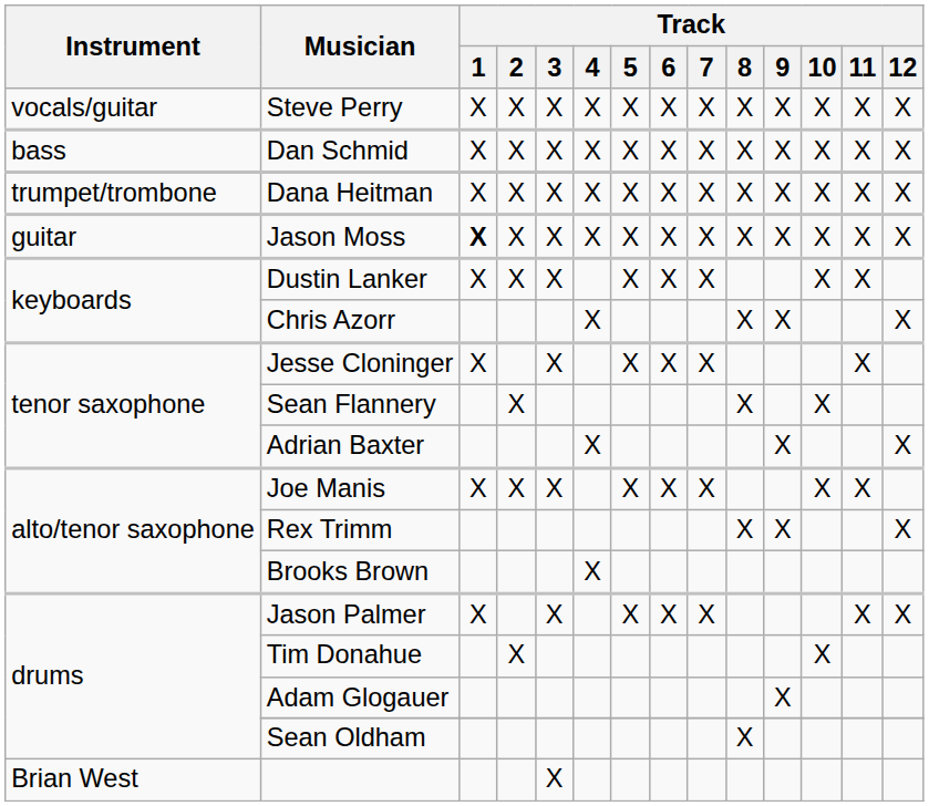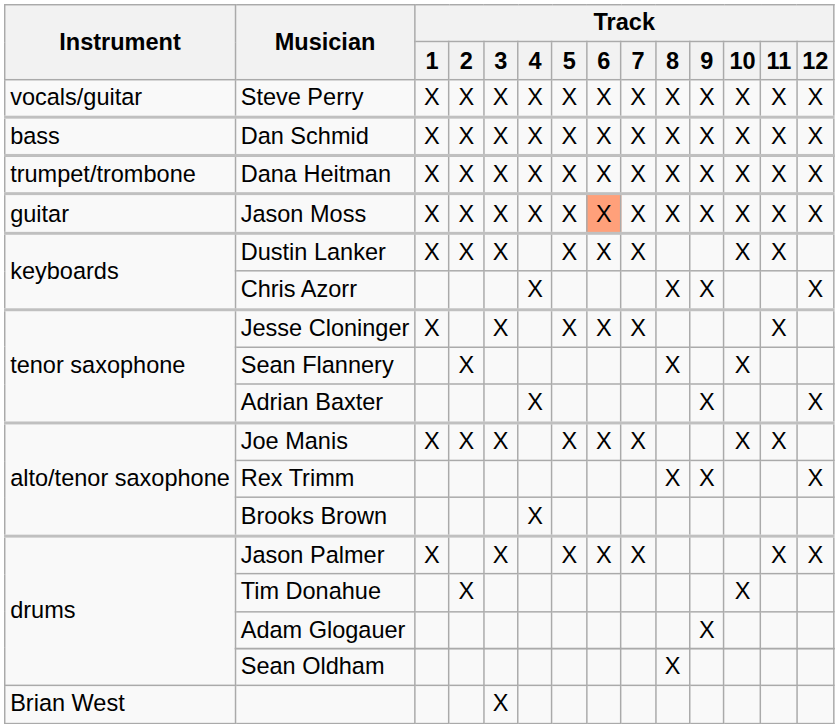 <table class=wikitable>
 <tr>
 <th rowspan=2>Instrument</th>
 <th rowspan=2>Musician</th>
 <th colspan=15>Track</th>
 </tr>
 <tr>
 <th width=16px>1</th>
 <th width=16px>2</th>
 <th width=16px>3</th>
 <th width=16px>4</th>
 <th width=16px>5</th>
 <th width=16px>6</th>
 <th width=16px>7</th>
 <th width=16px>8</th>
 <th width=16px>9</th>
 <th width=16px>10</th>
 <th width=16px>11</th>
 <th width=16px>12</th>
 </tr>
 <tr>
 <td>vocals/guitar</td>
 <td>Steve Perry</td>
 <td align=center>X</td>
 <td align=center>X</td>
 <td align=center>X</td>
 <td align=center>X</td>
 <td align=center>X</td>
 <td align=center>X</td>
 <td align=center>X</td>
 <td align=center>X</td>
 <td align=center>X</td>
 <td align=center>X</td>
 <td align=center>X</td>
 <td align=center>X</td>
 </tr>
 <tr style="border-top:solid 2px silver;">
 <td rowspan=1>bass</td>
 <td>Dan Schmid</td>
 <td align=center>X</td>
 <td align=center>X</td>
 <td align=center>X</td>
 <td align=center>X</td>
 <td align=center>X</td>
 <td align=center>X</td>
 <td align=center>X</td>
 <td align=center>X</td>
 <td align=center>X</td>
 <td align=center>X</td>
 <td align=center>X</td>
 <td align=center>X</td>
 </tr>
 <tr>
 </tr>
 <tr style="border-top:solid 2px silver;">
 <td>trumpet/trombone</td>
 <td>Dana Heitman</td>
 <td align=center>X</td>
 <td align=center>X</td>
 <td align=center>X</td>
 <td align=center>X</td>
 <td align=center>X</td>
 <td align=center>X</td>
 <td align=center>X</td>
 <td align=center>X</td>
 <td align=center>X</td>
 <td align=center>X</td>
 <td align=center>X</td>
 <td align=center>X</td>
 </tr>
 <tr style="border-top:solid 2px silver;">
 <td rowspan=1>guitar</td>
 <td>Jason Moss</td>
-<td align=center><strong>X</strong></td>
 <td align=center>X</td>
 <td align=center>X</td>
 <td align=center>X</td>
 <td align=center>X</td>
 <td align=center>X</td>
+<td align=center style="background: lightsalmon;">X</td>
 <td align=center>X</td>
 <td align=center>X</td>
 <td align=center>X</td>
 <td align=center>X</td>
 <td align=center>X</td>
 <td align=center>X</td>
 </tr>
 <tr style="border-top:solid 2px silver;">
 <td rowspan=2>keyboards</td>
 <td>Dustin Lanker</td>
 <td align=center>X</td>
 <td align=center>X</td>
 <td align=center>X</td>
 <td></td>
 <td align=center>X</td>
 <td align=center>X</td>
 <td align=center>X</td>
 <td></td>
 <td></td>
 <td align=center>X</td>
 <td align=center>X</td>
 <td></td>
 </tr>
 <tr>
 <td>Chris Azorr</td>
 <td></td>
 <td></td>
 <td></td>
 <td align=center>X</td>
 <td></td>
 <td></td>
 <td></td>
 <td align=center>X</td>
 <td align=center>X</td>
 <td></td>
 <td></td>
 <td align=center>X</td>
 </tr>
 <tr style="border-top:solid 2px silver;">
 <td rowspan=3>tenor saxophone</td>
 <td>Jesse Cloninger</td>
 <td align=center>X</td>
 <td></td>
 <td align=center>X</td>
 <td></td>
 <td align=center>X</td>
 <td align=center>X</td>
 <td align=center>X</td>
 <td></td>
 <td></td>
 <td></td>
 <td align=center>X</td>
 <td></td>
 </tr>
 <tr>
 <td>Sean Flannery</td>
 <td></td>
 <td align=center>X</td>
 <td></td>
 <td></td>
 <td></td>
 <td></td>
 <td></td>
 <td align=center>X</td>
 <td></td>
 <td align=center>X</td>
 <td></td>
 <td></td>
 </tr>
 <tr>
 <td>Adrian Baxter</td>
 <td></td>
 <td></td>
 <td></td>
 <td align=center>X</td>
 <td></td>
 <td></td>
 <td></td>
 <td></td>
 <td align=center>X</td>
 <td></td>
 <td></td>
 <td align=center>X</td>
 </tr>
 <tr style="border-top:solid 2px silver;">
 <td rowspan=3>alto/tenor saxophone</td>
 <td>Joe Manis</td>
 <td align=center>X</td>
 <td align=center>X</td>
 <td align=center>X</td>
 <td></td>
 <td align=center>X</td>
 <td align=center>X</td>
 <td align=center>X</td>
 <td></td>
 <td></td>
 <td align=center>X</td>
 <td align=center>X</td>
 <td></td>
 </tr>
 <tr>
 <td>Rex Trimm</td>
 <td></td>
 <td></td>
 <td></td>
 <td></td>
 <td></td>
 <td></td>
 <td></td>
 <td align=center>X</td>
 <td align=center>X</td>
 <td></td>
 <td></td>
 <td align=center>X</td>
 </tr>
 <tr>
 <td>Brooks Brown</td>
 <td></td>
 <td></td>
 <td></td>
 <td align=center>X</td>
 <td></td>
 <td></td>
 <td></td>
 <td></td>
 <td></td>
 <td></td>
 <td></td>
 <td></td>
 </tr>
 <tr style="border-top:solid 2px silver;">
 <td rowspan=5>drums</td>
 <td>Jason Palmer</td>
 <td align=center>X</td>
 <td></td>
 <td align=center>X</td>
 <td></td>
 <td align=center>X</td>
 <td align=center>X</td>
 <td align=center>X</td>
 <td></td>
 <td></td>
 <td></td>
 <td align=center>X</td>
 <td align=center>X</td>
 </tr>
 <tr>
 <td>Tim Donahue</td>
 <td></td>
 <td align=center>X</td>
 <td></td>
 <td></td>
 <td></td>
 <td></td>
 <td></td>
 <td></td>
 <td></td>
 <td align=center>X</td>
 <td></td>
 <td></td>
 </tr>
 <tr>
 <td>Adam Glogauer</td>
 <td></td>
 <td></td>
 <td></td>
 <td></td>
 <td></td>
 <td></td>
 <td></td>
 <td></td>
 <td align=center>X</td>
 <td></td>
 <td></td>
 <td></td>
 </tr>
 <tr>
 </tr>
 <tr>
 <td>Sean Oldham</td>
 <td></td>
 <td></td>
 <td></td>
 <td></td>
 <td></td>
 <td></td>
 <td></td>
 <td align=center>X</td>
 <td></td>
 <td></td>
 <td></td>
 <td></td>
 </tr>
 <tr>
 <td>Brian West</td>
 <td></td>
 <td></td>
 <td></td>
 <td align=center>X</td>
 <td></td>
 <td></td>
 <td></td>
 <td></td>
 <td></td>
 <td></td>
 <td></td>
 <td></td>
 </tr>
 </table>
